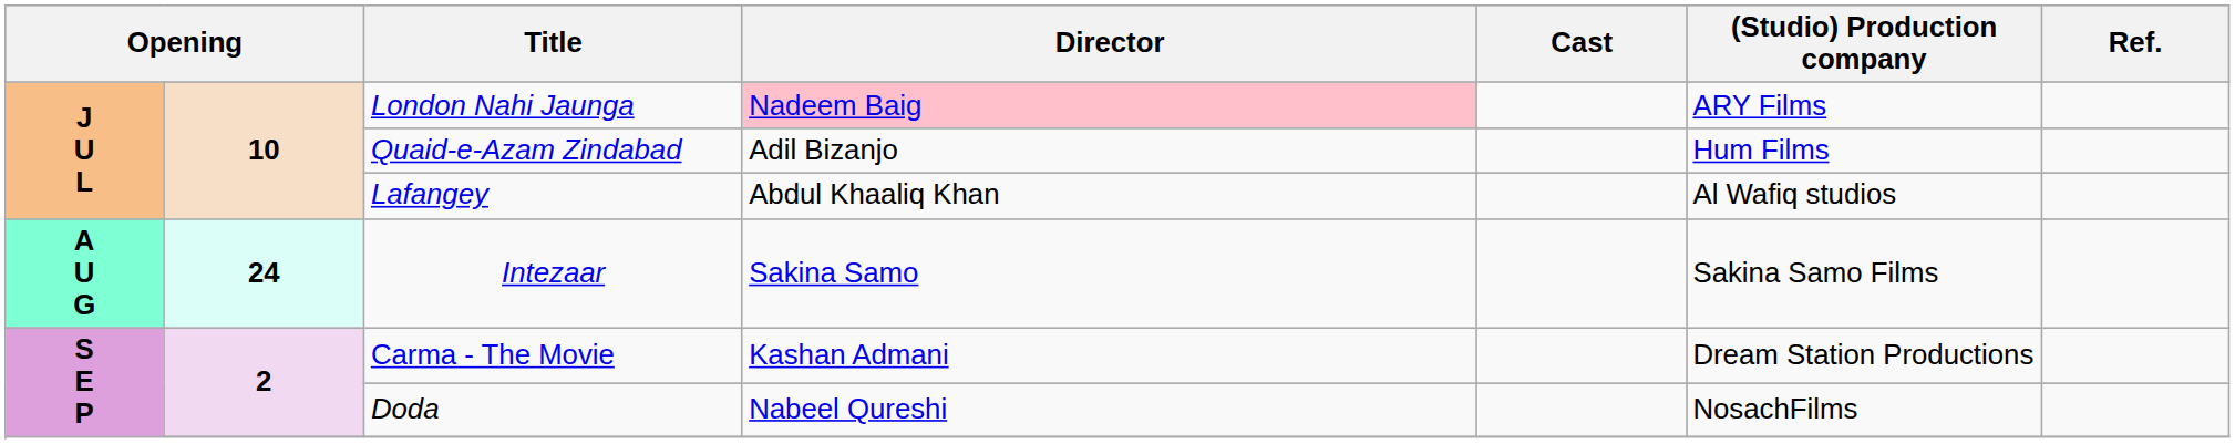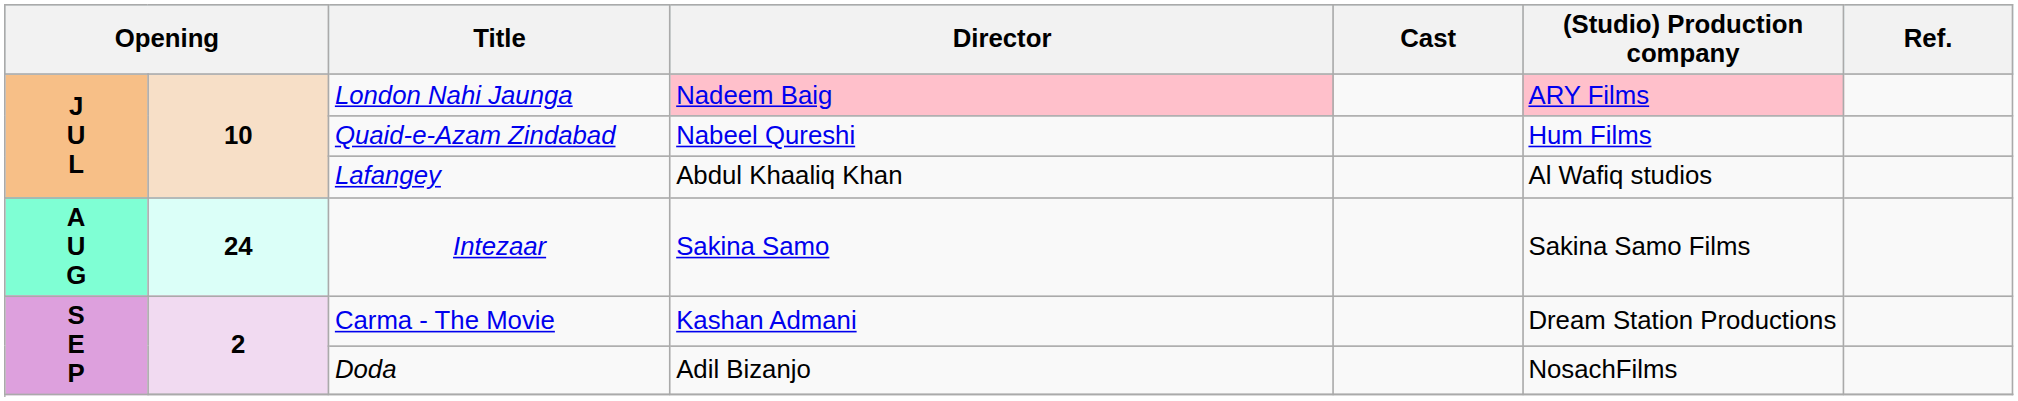 <table class="wikitable sortable">
 <tr style="background:#b0e0e6; text-align:center">
 <th colspan="2">Opening</th>
 <th style="width:17%">Title</th>
 <th>Director</th>
 <th>Cast</th>
 <th style="width:16%">(Studio) Production company</th>
 <th>Ref.</th>
 </tr>
 <tr>
 <th rowspan="3" style="text-align:center; background:#f7bf87">J <br> U <br> L</th>
 <td rowspan="3" style="text-align:center; background:#f7dfc7"><strong>10</strong></td>
 <td><em><a href='#'>London Nahi Jaunga</a></em></td>
 <td style="background: pink;"><a href='#'>Nadeem Baig</a></td>
 <td></td>
-<td><a href='#'>ARY Films</a></td>
+<td style="background: pink;"><a href='#'>ARY Films</a></td>
 <td></td>
 </tr>
 <tr>
 <td><em><a href='#'>Quaid-e-Azam Zindabad</a></em></td>
-<td>Adil Bizanjo</td>
+<td><a href='#'>Nabeel Qureshi</a></td>
 <td></td>
 <td><a href='#'>Hum Films</a></td>
 <td></td>
 </tr>
 <tr>
 <td><em><a href='#'>Lafangey</a></em></td>
 <td>Abdul Khaaliq Khan</td>
 <td></td>
 <td>Al Wafiq studios</td>
 <td></td>
 </tr>
 <tr>
 <td rowspan="1" style="text-align:center; background:#7FFFD4; textcolor:#000;"><strong>A<br>U<br>G</strong></td>
 <td rowspan="1" style="text-align:center;background:#dbfff8;"><strong>24</strong></td>
 <td style="text-align:center;"><em><a href='#'>Intezaar</a></em></td>
 <td><a href='#'>Sakina Samo</a></td>
 <td></td>
 <td>Sakina Samo Films</td>
 <td></td>
 </tr>
 <tr>
 <td rowspan="6" style="text-align:center; background:plum"><strong>S<br>E<br>P</strong></td>
 <td rowspan="2" style="text-align:center;background:#f1daf1;"><strong>2</strong></td>
 <td><a href='#'>Carma - The Movie</a></td>
 <td><a href='#'>Kashan Admani</a></td>
 <td></td>
 <td>Dream Station Productions</td>
 <td></td>
 </tr>
 <tr>
 <td><em>Doda</em></td>
-<td><a href='#'>Nabeel Qureshi</a></td>
+<td>Adil Bizanjo</td>
 <td></td>
 <td>NosachFilms</td>
 <td></td>
 </tr>
 <tr>
 </tr>
 </table>
